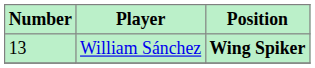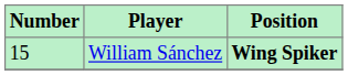 <table bgcolor="#BBF0C9" cellpadding="3" cellspacing="0" border="1" style="font-size: 95%; border: gray solid 1px; border-collapse: collapse;">
 <tr bgcolor="#BBF0C9">
 <td align=center><strong>Number</strong></td>
 <td align=center><strong>Player</strong></td>
 <td align=center><strong>Position</strong></td>
 </tr>
 <tr align="left">
-<td>13</td>
+<td>15</td>
 <td><a href='#'>William Sánchez</a></td>
 <td><strong>Wing Spiker</strong></td>
 </tr>
 <tr align="left">
 </tr>
 </table>
